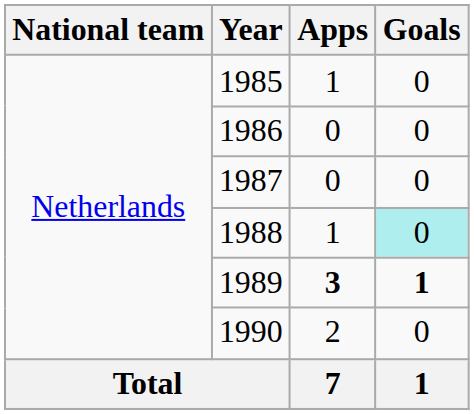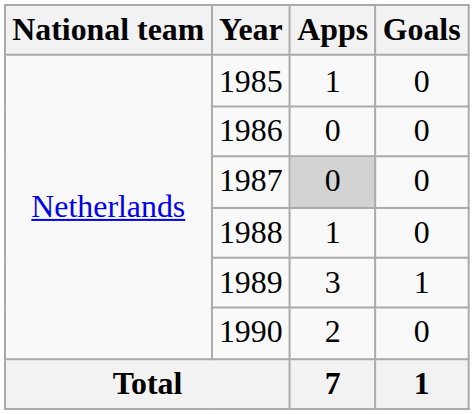 <table class="wikitable" style="text-align:center">
 <tr>
 <th>National team</th>
 <th>Year</th>
 <th>Apps</th>
 <th>Goals</th>
 </tr>
 <tr>
 <td rowspan="6"><a href='#'>Netherlands</a></td>
 <td>1985</td>
 <td>1</td>
 <td>0</td>
 </tr>
 <tr>
 <td>1986</td>
 <td>0</td>
 <td>0</td>
 </tr>
 <tr>
 <td>1987</td>
-<td>0</td>
+<td style="background: lightgrey;">0</td>
 <td>0</td>
 </tr>
 <tr>
 <td>1988</td>
 <td>1</td>
-<td style="background: paleturquoise;">0</td>
+<td>0</td>
 </tr>
 <tr>
 <td>1989</td>
-<td><strong>3</strong></td>
-<td><strong>1</strong></td>
+<td>3</td>
+<td>1</td>
 </tr>
 <tr>
 <td>1990</td>
 <td>2</td>
 <td>0</td>
 </tr>
 <tr>
 <th colspan="2">Total</th>
 <th>7</th>
 <th>1</th>
 </tr>
 </table>
